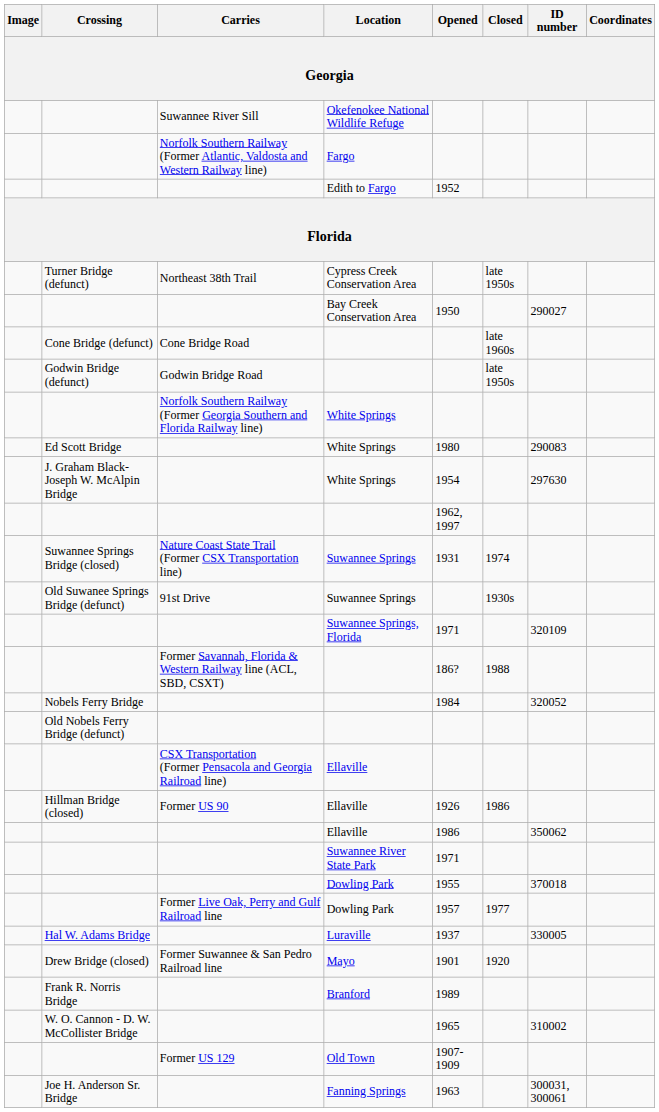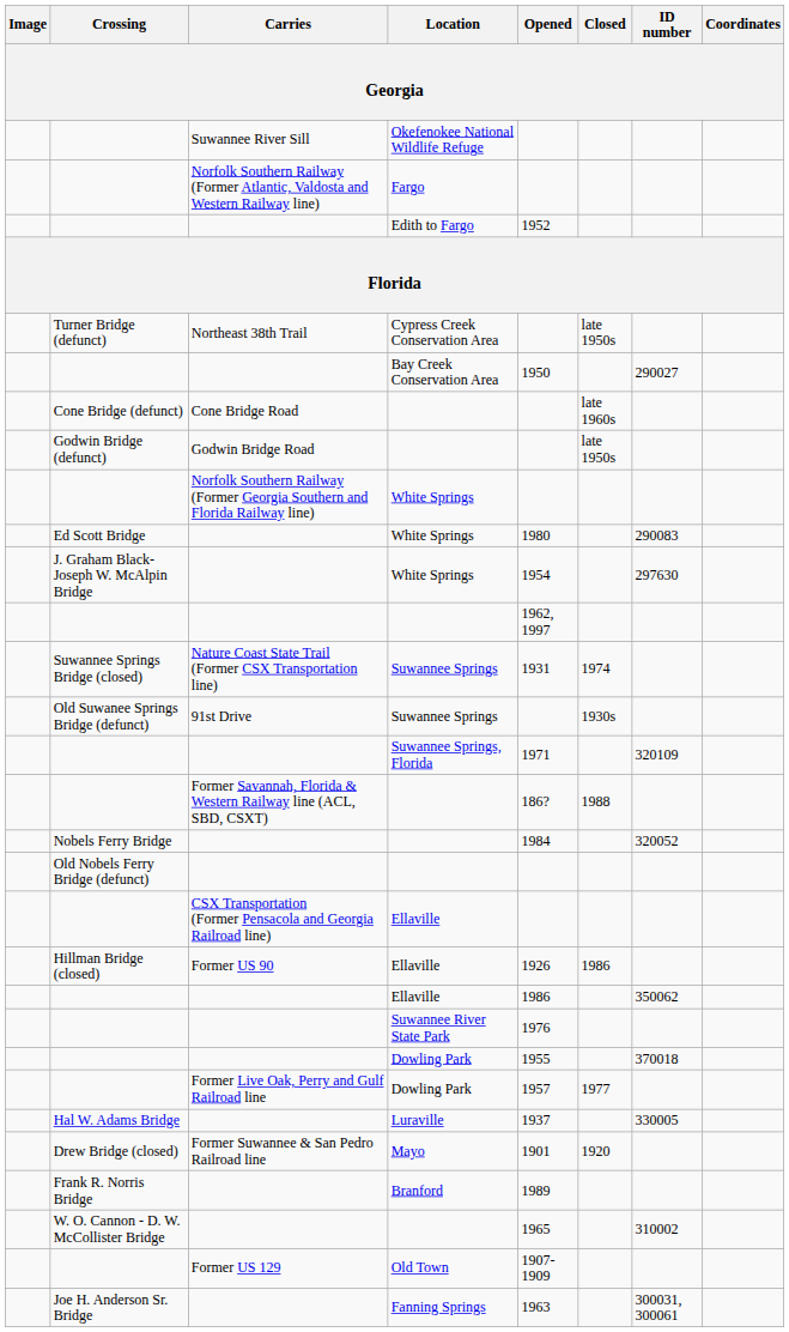 <table class=wikitable>
 <tr>
 <th>Image</th>
 <th>Crossing</th>
 <th>Carries</th>
 <th>Location</th>
 <th>Opened</th>
 <th>Closed</th>
 <th>ID number</th>
 <th>Coordinates</th>
 </tr>
 <tr>
 <th colspan=8><br><h3>Georgia</h3></th>
 </tr>
 <tr>
 <td></td>
 <td></td>
 <td>Suwannee River Sill</td>
 <td><a href='#'>Okefenokee National Wildlife Refuge</a></td>
 <td></td>
 <td></td>
 <td></td>
 <td></td>
 </tr>
 <tr>
 <td></td>
 <td></td>
 <td><a href='#'>Norfolk Southern Railway</a><br>(Former <a href='#'>Atlantic, Valdosta and Western Railway</a> line)</td>
 <td><a href='#'>Fargo</a></td>
 <td></td>
 <td></td>
 <td></td>
 <td></td>
 </tr>
 <tr>
 <td></td>
 <td></td>
 <td></td>
 <td>Edith to <a href='#'>Fargo</a></td>
 <td>1952</td>
 <td></td>
 <td></td>
 <td></td>
 </tr>
 <tr>
 <th colspan=8><br><h3>Florida</h3></th>
 </tr>
 <tr>
 <td></td>
 <td>Turner Bridge (defunct)</td>
 <td>Northeast 38th Trail</td>
 <td>Cypress Creek Conservation Area</td>
 <td></td>
 <td>late 1950s</td>
 <td></td>
 <td></td>
 </tr>
 <tr>
 <td></td>
 <td></td>
 <td></td>
 <td>Bay Creek Conservation Area</td>
 <td>1950</td>
 <td></td>
 <td>290027</td>
 <td></td>
 </tr>
 <tr>
 <td></td>
 <td>Cone Bridge (defunct)</td>
 <td>Cone Bridge Road</td>
 <td></td>
 <td></td>
 <td>late 1960s</td>
 <td></td>
 <td></td>
 </tr>
 <tr>
 <td></td>
 <td>Godwin Bridge (defunct)</td>
 <td>Godwin Bridge Road</td>
 <td></td>
 <td></td>
 <td>late 1950s</td>
 <td></td>
 <td></td>
 </tr>
 <tr>
 <td></td>
 <td></td>
 <td><a href='#'>Norfolk Southern Railway</a><br>(Former <a href='#'>Georgia Southern and Florida Railway</a> line)</td>
 <td><a href='#'>White Springs</a></td>
 <td></td>
 <td></td>
 <td></td>
 <td></td>
 </tr>
 <tr>
 <td></td>
 <td>Ed Scott Bridge</td>
 <td></td>
 <td>White Springs</td>
 <td>1980</td>
 <td></td>
 <td>290083</td>
 <td></td>
 </tr>
 <tr>
 <td></td>
 <td>J. Graham Black-Joseph W. McAlpin Bridge</td>
 <td></td>
 <td>White Springs</td>
 <td>1954</td>
 <td></td>
 <td>297630</td>
 <td></td>
 </tr>
 <tr>
 <td></td>
 <td></td>
 <td></td>
 <td></td>
 <td>1962, 1997</td>
 <td></td>
 <td></td>
 <td></td>
 </tr>
 <tr>
 <td></td>
 <td>Suwannee Springs Bridge (closed)</td>
 <td><a href='#'>Nature Coast State Trail</a><br>(Former <a href='#'>CSX Transportation</a> line)</td>
 <td><a href='#'>Suwannee Springs</a></td>
 <td>1931</td>
 <td>1974</td>
 <td></td>
 <td></td>
 </tr>
 <tr>
 <td></td>
 <td>Old Suwanee Springs Bridge (defunct)</td>
 <td>91st Drive</td>
 <td>Suwannee Springs</td>
 <td></td>
 <td>1930s</td>
 <td></td>
 <td></td>
 </tr>
 <tr>
 <td></td>
 <td></td>
 <td></td>
 <td><a href='#'>Suwannee Springs, Florida</a></td>
 <td>1971</td>
 <td></td>
 <td>320109</td>
 <td></td>
 </tr>
 <tr>
 <td></td>
 <td></td>
 <td>Former <a href='#'>Savannah, Florida & Western Railway</a> line (ACL, SBD, CSXT)</td>
 <td></td>
 <td>186?</td>
 <td>1988</td>
 <td></td>
 <td></td>
 </tr>
 <tr>
 <td></td>
 <td>Nobels Ferry Bridge</td>
 <td></td>
 <td></td>
 <td>1984</td>
 <td></td>
 <td>320052</td>
 <td></td>
 </tr>
 <tr>
 <td></td>
 <td>Old Nobels Ferry Bridge (defunct)</td>
 <td></td>
 <td></td>
 <td></td>
 <td></td>
 <td></td>
 <td></td>
 </tr>
 <tr>
 <td></td>
 <td></td>
 <td><a href='#'>CSX Transportation</a><br>(Former <a href='#'>Pensacola and Georgia Railroad</a> line)</td>
 <td><a href='#'>Ellaville</a></td>
 <td></td>
 <td></td>
 <td></td>
 <td></td>
 </tr>
 <tr>
 <td></td>
 <td>Hillman Bridge (closed)</td>
 <td>Former <a href='#'>US 90</a></td>
 <td>Ellaville</td>
 <td>1926</td>
 <td>1986</td>
 <td></td>
 <td></td>
 </tr>
 <tr>
 <td></td>
 <td></td>
 <td></td>
 <td>Ellaville</td>
 <td>1986</td>
 <td></td>
 <td>350062</td>
 <td></td>
 </tr>
 <tr>
 <td></td>
 <td></td>
 <td></td>
 <td><a href='#'>Suwannee River State Park</a></td>
-<td>1971</td>
+<td>1976</td>
 <td></td>
 <td></td>
 <td></td>
 </tr>
 <tr>
 <td></td>
 <td></td>
 <td></td>
 <td><a href='#'>Dowling Park</a></td>
 <td>1955</td>
 <td></td>
 <td>370018</td>
 <td></td>
 </tr>
 <tr>
 <td></td>
 <td></td>
 <td>Former <a href='#'>Live Oak, Perry and Gulf Railroad</a> line</td>
 <td>Dowling Park</td>
 <td>1957</td>
 <td>1977</td>
 <td></td>
 <td></td>
 </tr>
 <tr>
 <td></td>
 <td><a href='#'>Hal W. Adams Bridge</a></td>
 <td></td>
 <td><a href='#'>Luraville</a></td>
 <td>1937</td>
 <td></td>
 <td>330005</td>
 <td></td>
 </tr>
 <tr>
 <td></td>
 <td>Drew Bridge (closed)</td>
 <td>Former Suwannee & San Pedro Railroad line</td>
 <td><a href='#'>Mayo</a></td>
 <td>1901</td>
 <td>1920</td>
 <td></td>
 <td></td>
 </tr>
 <tr>
 <td></td>
 <td>Frank R. Norris Bridge</td>
 <td></td>
 <td><a href='#'>Branford</a></td>
 <td>1989</td>
 <td></td>
 <td></td>
 <td></td>
 </tr>
 <tr>
 <td></td>
 <td>W. O. Cannon - D. W. McCollister Bridge</td>
 <td></td>
 <td></td>
 <td>1965</td>
 <td></td>
 <td>310002</td>
 <td></td>
 </tr>
 <tr>
 <td></td>
 <td></td>
 <td>Former <a href='#'>US 129</a></td>
 <td><a href='#'>Old Town</a></td>
 <td>1907-1909</td>
 <td></td>
 <td></td>
 <td></td>
 </tr>
 <tr>
 <td></td>
 <td>Joe H. Anderson Sr. Bridge</td>
 <td></td>
 <td><a href='#'>Fanning Springs</a></td>
 <td>1963</td>
 <td></td>
 <td>300031, 300061</td>
 <td></td>
 </tr>
 </table>
